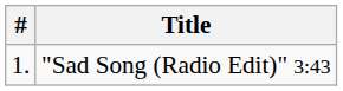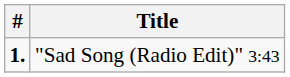 <table class="wikitable">
 <tr>
 <th>#</th>
 <th>Title</th>
 </tr>
 <tr>
-<td>1.</td>
+<td><strong>1.</strong></td>
 <td>"Sad Song (Radio Edit)" <small>3:43</small></td>
 </tr>
 </table>
